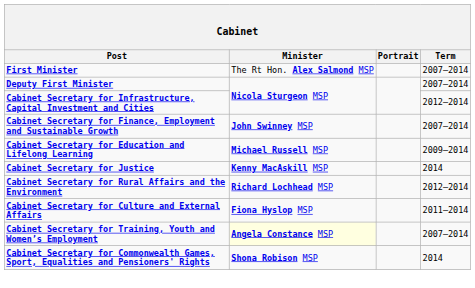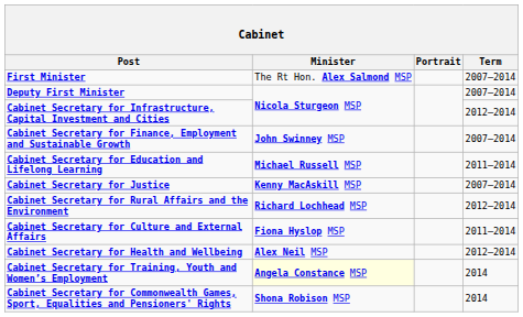 <table class="wikitable">
 <tr>
 <th colspan="4"><br><h3>Cabinet</h3></th>
 </tr>
 <tr>
 <th style="width: 340px">Post</th>
 <th colspan="1">Minister</th>
 <th>Portrait</th>
 <th>Term</th>
 </tr>
 <tr>
 <td><strong><a href='#'>First Minister</a></strong></td>
 <td>The Rt Hon. <strong><a href='#'>Alex Salmond</a></strong> <a href='#'>MSP</a></td>
 <td></td>
 <td>2007–2014</td>
 </tr>
 <tr>
 <td><strong><a href='#'>Deputy First Minister</a>  </strong></td>
 <td rowspan="2"><strong><a href='#'>Nicola Sturgeon</a></strong> <a href='#'>MSP</a></td>
 <td rowspan="2"></td>
 <td>2007–2014</td>
 </tr>
 <tr>
 <td rowspan="1"><strong><a href='#'>Cabinet Secretary for Infrastructure, Capital Investment and Cities</a></strong></td>
 <td>2012–2014</td>
 </tr>
 <tr>
 <td><strong><a href='#'>Cabinet Secretary for Finance, Employment and Sustainable Growth</a></strong></td>
 <td><strong><a href='#'>John Swinney</a></strong> <a href='#'>MSP</a></td>
 <td></td>
 <td>2007–2014</td>
 </tr>
 <tr>
 <td><strong><a href='#'>Cabinet Secretary for Education and Lifelong Learning</a></strong></td>
 <td><strong><a href='#'>Michael Russell</a></strong> <a href='#'>MSP</a></td>
 <td></td>
-<td>2009–2014</td>
+<td>2011–2014</td>
 </tr>
 <tr>
 <td><strong><a href='#'>Cabinet Secretary for Justice</a></strong></td>
 <td><strong><a href='#'>Kenny MacAskill</a></strong> <a href='#'>MSP</a></td>
 <td></td>
-<td>2014</td>
+<td>2007–2014</td>
 </tr>
 <tr>
 <td><strong><a href='#'>Cabinet Secretary for Rural Affairs and the Environment</a></strong></td>
 <td><strong><a href='#'>Richard Lochhead</a></strong> <a href='#'>MSP</a></td>
 <td></td>
 <td>2012–2014</td>
 </tr>
 <tr>
 <td><strong><a href='#'>Cabinet Secretary for Culture and External Affairs</a></strong></td>
 <td><strong><a href='#'>Fiona Hyslop</a></strong> <a href='#'>MSP</a></td>
 <td></td>
 <td>2011–2014</td>
 </tr>
 <tr>
+<td rowspan="1"><strong><a href='#'>Cabinet Secretary for Health and Wellbeing</a></strong></td>
+<td><strong><a href='#'>Alex Neil</a></strong> <a href='#'>MSP</a></td>
+<td></td>
+<td>2012–2014</td>
+</tr>
+<tr>
 <td><strong><a href='#'>Cabinet Secretary for Training, Youth and Women’s Employment</a></strong></td>
 <td style="background: lightyellow;"><strong><a href='#'>Angela Constance</a></strong> <a href='#'>MSP</a></td>
 <td></td>
-<td>2007–2014</td>
+<td>2014</td>
 </tr>
 <tr>
 <td><strong><a href='#'>Cabinet Secretary for Commonwealth Games, Sport, Equalities and Pensioners' Rights</a></strong></td>
 <td><strong><a href='#'>Shona Robison</a></strong> <a href='#'>MSP</a></td>
 <td></td>
 <td>2014</td>
 </tr>
 </table>
